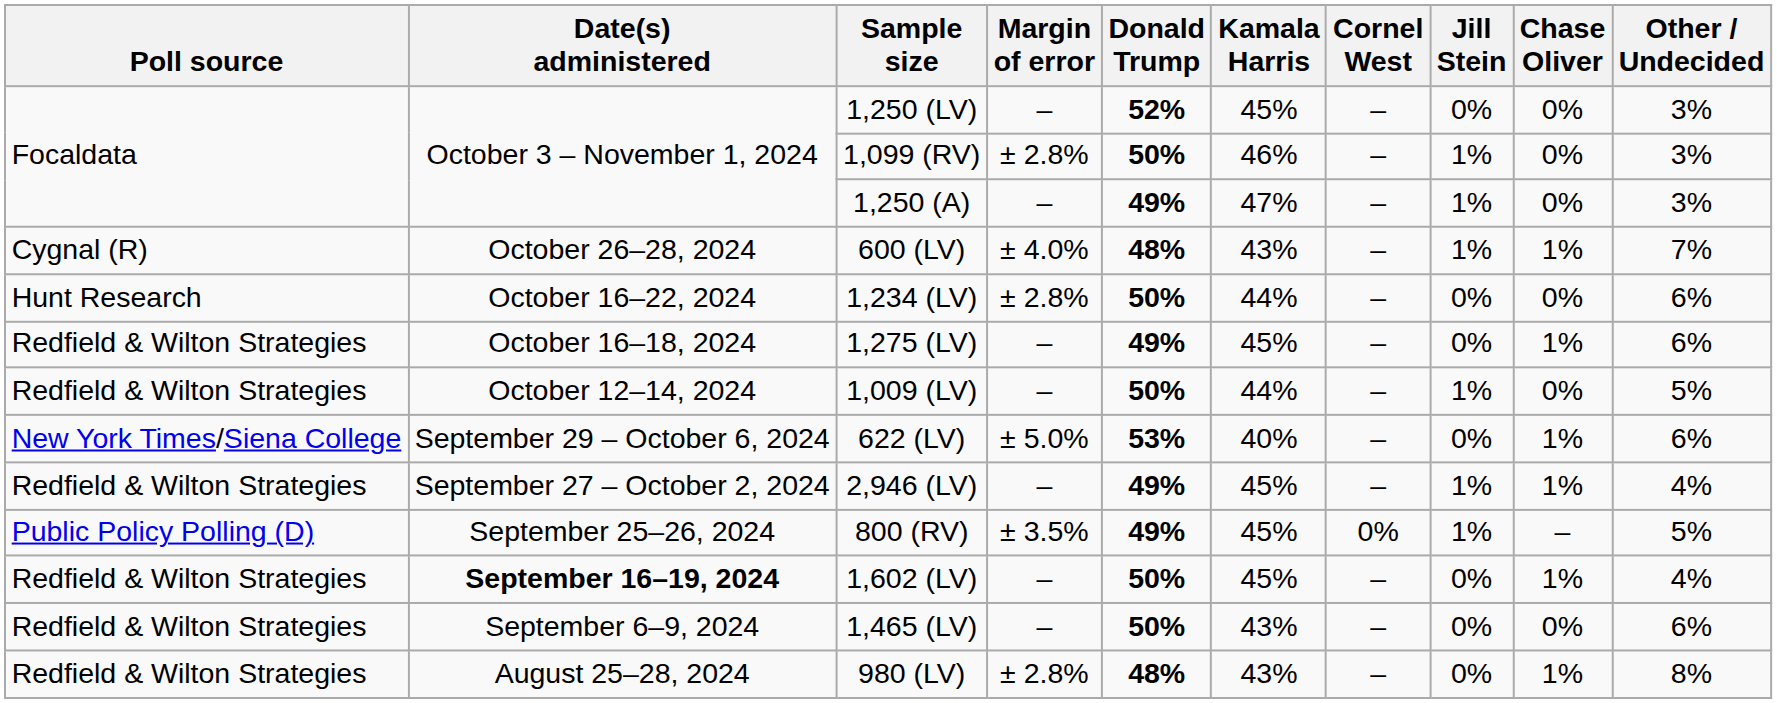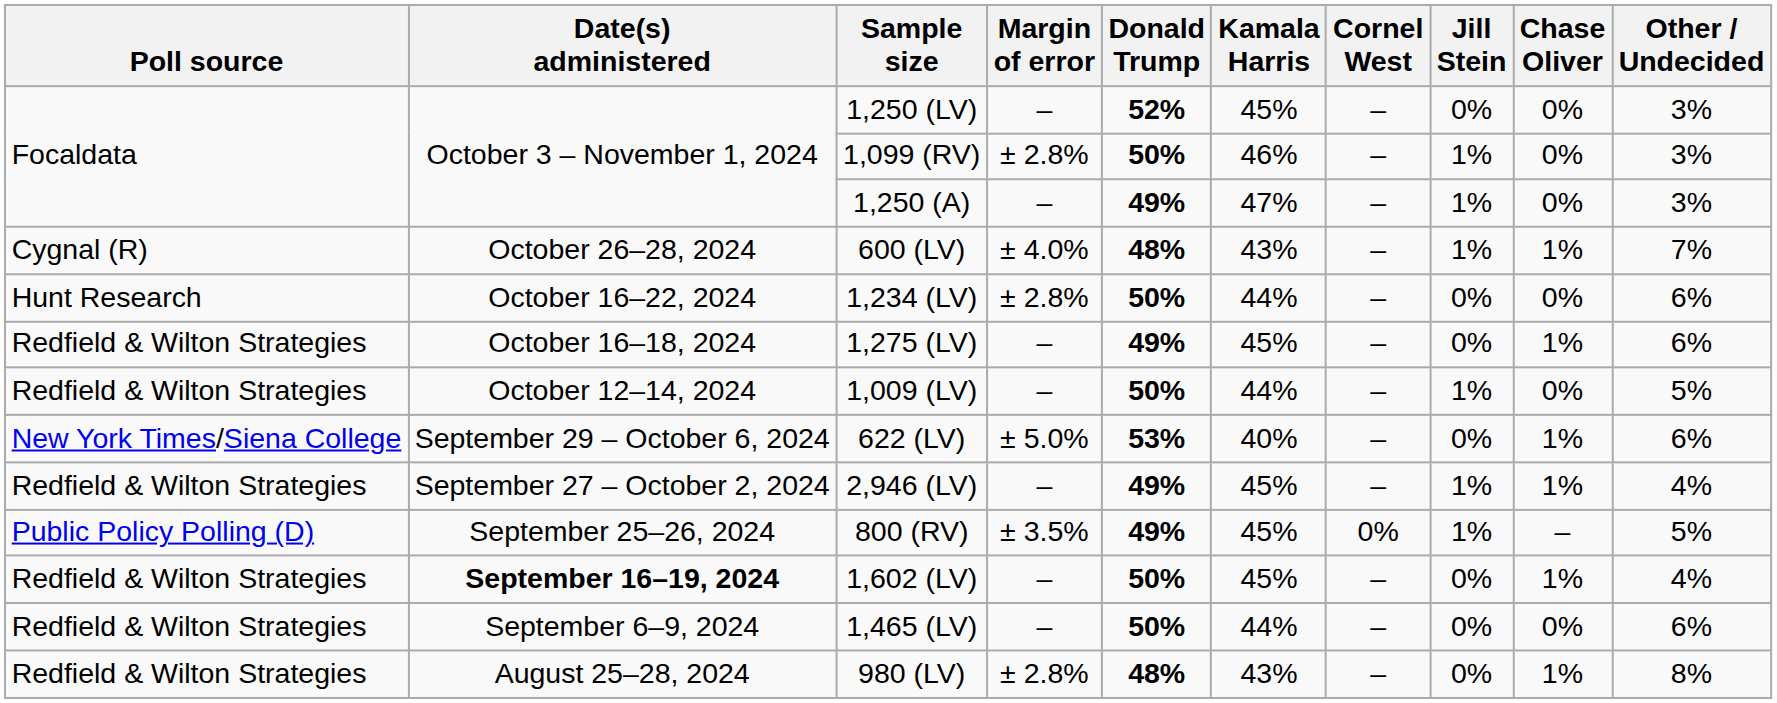 <table class="wikitable sortable mw-datatable" style="font-size:90%;text-align:center;line-height:17px">
 <tr valign="bottom">
 <th>Poll source</th>
 <th>Date(s)<br>administered</th>
 <th>Sample<br>size</th>
 <th>Margin<br>of error</th>
 <th class="unsortable">Donald<br>Trump<br></th>
 <th class="unsortable">Kamala<br>Harris<br></th>
 <th class="unsortable">Cornel<br>West<br></th>
 <th class="unsortable">Jill<br>Stein<br></th>
 <th class="unsortable">Chase<br>Oliver<br></th>
 <th class="unsortable">Other /<br>Undecided</th>
 </tr>
 <tr>
 <td rowspan="3" style="text-align:left;">Focaldata</td>
 <td rowspan="3">October 3 – November 1, 2024</td>
 <td>1,250 (LV)</td>
 <td>–</td>
 <td style="background-color:"><strong>52%</strong></td>
 <td>45%</td>
 <td>–</td>
 <td>0%</td>
 <td>0%</td>
 <td>3%</td>
 </tr>
 <tr>
 <td>1,099 (RV)</td>
 <td>± 2.8%</td>
 <td style="background-color:"><strong>50%</strong></td>
 <td>46%</td>
 <td>–</td>
 <td>1%</td>
 <td>0%</td>
 <td>3%</td>
 </tr>
 <tr>
 <td>1,250 (A)</td>
 <td>–</td>
 <td style="background-color:"><strong>49%</strong></td>
 <td>47%</td>
 <td>–</td>
 <td>1%</td>
 <td>0%</td>
 <td>3%</td>
 </tr>
 <tr>
 <td style="text-align:left;">Cygnal (R)</td>
 <td data-sort-value="2024-10-28">October 26–28, 2024</td>
 <td>600 (LV)</td>
 <td>± 4.0%</td>
 <td style="background-color:"><strong>48%</strong></td>
 <td>43%</td>
 <td>–</td>
 <td>1%</td>
 <td>1%</td>
 <td>7%</td>
 </tr>
 <tr>
 <td style="text-align:left;">Hunt Research</td>
 <td data-sort-value="2024-10-20">October 16–22, 2024</td>
 <td>1,234 (LV)</td>
 <td>± 2.8%</td>
 <td style="background-color:"><strong>50%</strong></td>
 <td>44%</td>
 <td>–</td>
 <td>0%</td>
 <td>0%</td>
 <td>6%</td>
 </tr>
 <tr>
 <td style="text-align:left;">Redfield & Wilton Strategies</td>
 <td data-sort-value="2024-10-18">October 16–18, 2024</td>
 <td>1,275 (LV)</td>
 <td>–</td>
 <td style="background-color:"><strong>49%</strong></td>
 <td>45%</td>
 <td>–</td>
 <td>0%</td>
 <td>1%</td>
 <td>6%</td>
 </tr>
 <tr>
 <td style="text-align:left;">Redfield & Wilton Strategies</td>
 <td data-sort-value="2024-10-14">October 12–14, 2024</td>
 <td>1,009 (LV)</td>
 <td>–</td>
 <td style="background-color:"><strong>50%</strong></td>
 <td>44%</td>
 <td>–</td>
 <td>1%</td>
 <td>0%</td>
 <td>5%</td>
 </tr>
 <tr>
 <td style="text-align:left;"><a href='#'>New York Times</a>/<a href='#'>Siena College</a></td>
 <td data-sort-value="2024-10-06">September 29 – October 6, 2024</td>
 <td>622 (LV)</td>
 <td>± 5.0%</td>
 <td style="background-color:"><strong>53%</strong></td>
 <td>40%</td>
 <td>–</td>
 <td>0%</td>
 <td>1%</td>
 <td>6%</td>
 </tr>
 <tr>
 <td style="text-align:left;">Redfield & Wilton Strategies</td>
 <td data-sort-value="2024-10-02">September 27 – October 2, 2024</td>
 <td>2,946 (LV)</td>
 <td>–</td>
 <td style="background-color:"><strong>49%</strong></td>
 <td>45%</td>
 <td>–</td>
 <td>1%</td>
 <td>1%</td>
 <td>4%</td>
 </tr>
 <tr>
 <td style="text-align:left;"><a href='#'>Public Policy Polling (D)</a></td>
 <td data-sort-value="2024-09-25">September 25–26, 2024</td>
 <td>800 (RV)</td>
 <td>± 3.5%</td>
 <td style="background-color:"><strong>49%</strong></td>
 <td>45%</td>
 <td>0%</td>
 <td>1%</td>
 <td>–</td>
 <td>5%</td>
 </tr>
 <tr>
 <td style="text-align:left;">Redfield & Wilton Strategies</td>
 <td data-sort-value="2024-09-19"><strong>September 16–19, 2024</strong></td>
 <td>1,602 (LV)</td>
 <td>–</td>
 <td style="background-color:"><strong>50%</strong></td>
 <td>45%</td>
 <td>–</td>
 <td>0%</td>
 <td>1%</td>
 <td>4%</td>
 </tr>
 <tr>
 <td style="text-align:left;">Redfield & Wilton Strategies</td>
 <td data-sort-value="2024-09-06">September 6–9, 2024</td>
 <td>1,465 (LV)</td>
 <td>–</td>
 <td style="background-color:"><strong>50%</strong></td>
-<td>43%</td>
+<td>44%</td>
 <td>–</td>
 <td>0%</td>
 <td>0%</td>
 <td>6%</td>
 </tr>
 <tr>
 <td style="text-align:left;">Redfield & Wilton Strategies</td>
 <td data-sort-value="2024-08-28">August 25–28, 2024</td>
 <td>980 (LV)</td>
 <td>± 2.8%</td>
 <td style="background-color:"><strong>48%</strong></td>
 <td>43%</td>
 <td>–</td>
 <td>0%</td>
 <td>1%</td>
 <td>8%</td>
 </tr>
 </table>
